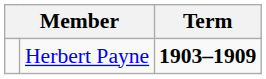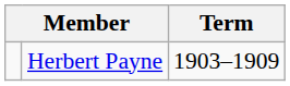 <table class="wikitable">
 <tr>
 <th colspan="2">Member</th>
 <th>Term</th>
 </tr>
 <tr>
 <td> </td>
 <td><a href='#'>Herbert Payne</a></td>
-<td><strong>1903–1909</strong></td>
+<td>1903–1909</td>
 </tr>
 </table>
